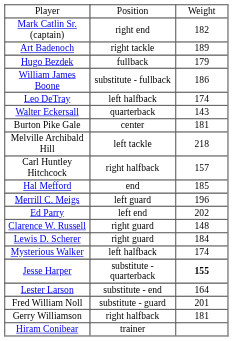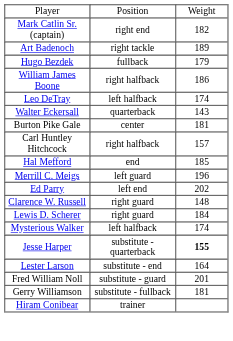 <table cellpadding="1" border="1" cellspacing="0" width="60%" style="text-align:center;">
 <tr>
 <td>Player</td>
 <td>Position</td>
 <td>Weight</td>
 </tr>
 <tr align="center" bgcolor="">
 <td><a href='#'>Mark Catlin Sr.</a> (captain)</td>
 <td>right end</td>
 <td>182</td>
 </tr>
 <tr align="center" bgcolor="">
 <td><a href='#'>Art Badenoch</a></td>
 <td>right tackle</td>
 <td>189</td>
 </tr>
 <tr align="center" bgcolor="">
 <td><a href='#'>Hugo Bezdek</a></td>
 <td>fullback</td>
 <td>179</td>
 </tr>
 <tr align="center" bgcolor="">
 <td><a href='#'>William James Boone</a></td>
-<td>substitute - fullback</td>
+<td>right halfback</td>
 <td>186</td>
 </tr>
 <tr align="center" bgcolor="">
 <td><a href='#'>Leo DeTray</a></td>
 <td>left halfback</td>
 <td>174</td>
 </tr>
 <tr align="center" bgcolor="">
 <td><a href='#'>Walter Eckersall</a></td>
 <td>quarterback</td>
 <td>143</td>
 </tr>
 <tr align="center" bgcolor="">
 <td>Burton Pike Gale</td>
 <td>center</td>
 <td>181</td>
-</tr>
-<tr align="center" bgcolor="">
-<td>Melville Archibald Hill</td>
-<td>left tackle</td>
-<td>218</td>
 </tr>
 <tr align="center" bgcolor="">
 <td>Carl Huntley Hitchcock</td>
 <td>right halfback</td>
 <td>157</td>
 </tr>
 <tr align="center" bgcolor="">
 <td><a href='#'>Hal Mefford</a></td>
 <td>end</td>
 <td>185</td>
 </tr>
 <tr align="center" bgcolor="">
 <td width="250"><a href='#'>Merrill C. Meigs</a></td>
 <td width="250">left guard</td>
 <td width="150">196</td>
 </tr>
 <tr align="center" bgcolor="">
 <td><a href='#'>Ed Parry</a></td>
 <td>left end</td>
 <td>202</td>
 </tr>
 <tr align="center" bgcolor="">
 <td><a href='#'>Clarence W. Russell</a></td>
 <td>right guard</td>
 <td>148</td>
 </tr>
 <tr align="center" bgcolor="">
 <td><a href='#'>Lewis D. Scherer</a></td>
 <td>right guard</td>
 <td>184</td>
 </tr>
 <tr align="center" bgcolor="">
 <td><a href='#'>Mysterious Walker</a></td>
 <td>left halfback</td>
 <td>174</td>
 </tr>
 <tr align="center" bgcolor="">
 <td><a href='#'>Jesse Harper</a></td>
 <td>substitute - quarterback</td>
 <td><strong>155</strong></td>
 </tr>
 <tr align="center" bgcolor="">
 <td><a href='#'>Lester Larson</a></td>
 <td>substitute - end</td>
 <td>164</td>
 </tr>
 <tr align="center" bgcolor="">
 <td>Fred William Noll</td>
 <td>substitute - guard</td>
 <td>201</td>
 </tr>
 <tr align="center" bgcolor="">
 <td>Gerry Williamson</td>
-<td>right halfback</td>
+<td>substitute - fullback</td>
 <td>181</td>
 </tr>
 <tr align="center" bgcolor="">
 <td><a href='#'>Hiram Conibear</a></td>
 <td>trainer</td>
 <td></td>
 </tr>
 <tr align="center" bgcolor="">
 </tr>
 </table>
